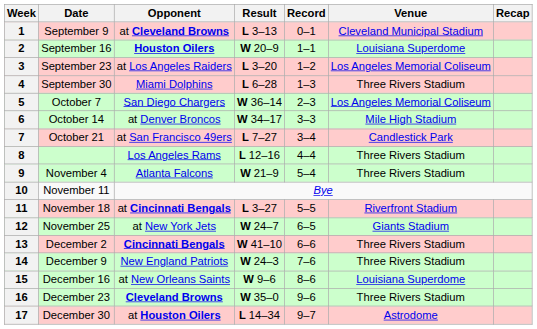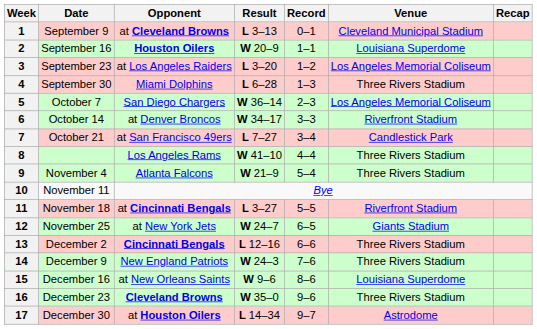 <table class="wikitable" style="text-align:center">
 <tr>
 <th>Week</th>
 <th>Date</th>
 <th>Opponent</th>
 <th>Result</th>
 <th>Record</th>
 <th>Venue</th>
 <th>Recap</th>
 </tr>
 <tr style="background:#fcc">
 <th>1</th>
 <td>September 9</td>
 <td>at <strong><a href='#'>Cleveland Browns</a></strong></td>
 <td><strong>L</strong> 3–13</td>
 <td>0–1</td>
 <td><a href='#'>Cleveland Municipal Stadium</a></td>
 <td></td>
 </tr>
 <tr style="background:#cfc">
 <th>2</th>
 <td>September 16</td>
 <td><strong><a href='#'>Houston Oilers</a></strong></td>
 <td><strong>W</strong> 20–9</td>
 <td>1–1</td>
 <td><a href='#'>Louisiana Superdome</a></td>
 <td></td>
 </tr>
 <tr style="background:#fcc">
 <th>3</th>
 <td>September 23</td>
 <td>at <a href='#'>Los Angeles Raiders</a></td>
 <td><strong>L</strong> 3–20</td>
 <td>1–2</td>
 <td><a href='#'>Los Angeles Memorial Coliseum</a></td>
 <td></td>
 </tr>
 <tr style="background:#fcc">
 <th>4</th>
 <td>September 30</td>
 <td><a href='#'>Miami Dolphins</a></td>
 <td><strong>L</strong> 6–28</td>
 <td>1–3</td>
 <td>Three Rivers Stadium</td>
 <td></td>
 </tr>
 <tr style="background:#cfc">
 <th>5</th>
 <td>October 7</td>
 <td><a href='#'>San Diego Chargers</a></td>
 <td><strong>W</strong> 36–14</td>
 <td>2–3</td>
 <td><a href='#'>Los Angeles Memorial Coliseum</a></td>
 <td></td>
 </tr>
 <tr style="background:#cfc">
 <th>6</th>
 <td>October 14</td>
 <td>at <a href='#'>Denver Broncos</a></td>
 <td><strong>W</strong> 34–17</td>
 <td>3–3</td>
-<td><a href='#'>Mile High Stadium</a></td>
+<td><a href='#'>Riverfront Stadium</a></td>
 <td></td>
 </tr>
 <tr style="background:#fcc">
 <th>7</th>
 <td>October 21</td>
 <td>at <a href='#'>San Francisco 49ers</a></td>
 <td><strong>L</strong> 7–27</td>
 <td>3–4</td>
 <td><a href='#'>Candlestick Park</a></td>
 <td></td>
 </tr>
 <tr style="background:#cfc">
 <th>8</th>
 <td></td>
 <td><a href='#'>Los Angeles Rams</a></td>
-<td><strong>L</strong> 12–16</td>
+<td><strong>W</strong> 41–10</td>
 <td>4–4</td>
 <td>Three Rivers Stadium</td>
 <td></td>
 </tr>
 <tr style="background:#cfc">
 <th>9</th>
 <td>November 4</td>
 <td><a href='#'>Atlanta Falcons</a></td>
 <td><strong>W</strong> 21–9</td>
 <td>5–4</td>
 <td>Three Rivers Stadium</td>
 <td></td>
 </tr>
 <tr>
 <th>10</th>
 <td>November 11</td>
 <td colspan="7"><em><a href='#'>Bye</a></em></td>
 </tr>
 <tr style="background:#fcc">
 <th>11</th>
 <td>November 18</td>
 <td>at <strong><a href='#'>Cincinnati Bengals</a></strong></td>
 <td><strong>L</strong> 3–27</td>
 <td>5–5</td>
 <td><a href='#'>Riverfront Stadium</a></td>
 <td></td>
 </tr>
 <tr style="background:#cfc">
 <th>12</th>
 <td>November 25</td>
 <td>at <a href='#'>New York Jets</a></td>
 <td><strong>W</strong> 24–7</td>
 <td>6–5</td>
 <td><a href='#'>Giants Stadium</a></td>
 <td></td>
 </tr>
 <tr style="background:#fcc">
 <th>13</th>
 <td>December 2</td>
 <td><strong><a href='#'>Cincinnati Bengals</a></strong></td>
-<td><strong>W</strong> 41–10</td>
+<td><strong>L</strong> 12–16</td>
 <td>6–6</td>
 <td>Three Rivers Stadium</td>
 <td></td>
 </tr>
 <tr style="background:#cfc">
 <th>14</th>
 <td>December 9</td>
 <td><a href='#'>New England Patriots</a></td>
 <td><strong>W</strong> 24–3</td>
 <td>7–6</td>
 <td>Three Rivers Stadium</td>
 <td></td>
 </tr>
 <tr style="background:#cfc">
 <th>15</th>
 <td>December 16</td>
 <td>at <a href='#'>New Orleans Saints</a></td>
 <td><strong>W</strong> 9–6</td>
 <td>8–6</td>
 <td><a href='#'>Louisiana Superdome</a></td>
 <td></td>
 </tr>
 <tr style="background:#cfc">
 <th>16</th>
 <td>December 23</td>
 <td><strong><a href='#'>Cleveland Browns</a></strong></td>
 <td><strong>W</strong> 35–0</td>
 <td>9–6</td>
 <td>Three Rivers Stadium</td>
 <td></td>
 </tr>
 <tr style="background:#fcc">
 <th>17</th>
 <td>December 30</td>
 <td>at <strong><a href='#'>Houston Oilers</a></strong></td>
 <td><strong>L</strong> 14–34</td>
 <td>9–7</td>
 <td><a href='#'>Astrodome</a></td>
 <td></td>
 </tr>
 </table>
